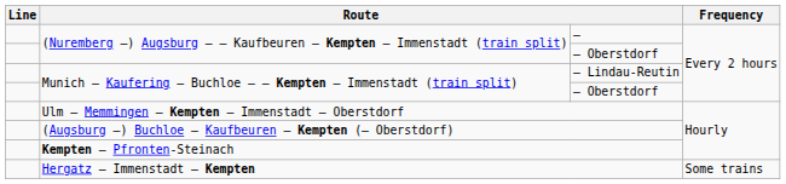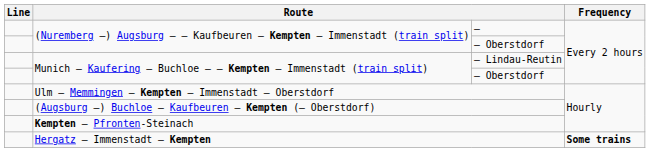 <table class="wikitable">
 <tr>
 <th>Line</th>
 <th colspan=2>Route</th>
 <th>Frequency</th>
 </tr>
 <tr>
 <td align="center"></td>
 <td rowspan=2>(<a href='#'>Nuremberg</a> –) <a href='#'>Augsburg</a> –  – Kaufbeuren – <strong>Kempten</strong> – Immenstadt (<a href='#'>train split</a>)</td>
 <td>– </td>
 <td rowspan="4">Every 2 hours</td>
 </tr>
 <tr>
 <td align="center"></td>
 <td>– Oberstdorf</td>
 </tr>
 <tr>
 <td align="center"></td>
 <td rowspan=2>Munich – <a href='#'>Kaufering</a> – Buchloe –  – <strong>Kempten</strong> – Immenstadt (<a href='#'>train split</a>)</td>
 <td>– Lindau-Reutin</td>
 </tr>
 <tr>
 <td align="center"></td>
 <td>– Oberstdorf</td>
 </tr>
 <tr>
 <td align="center"></td>
 <td colspan=2>Ulm – <a href='#'>Memmingen</a> – <strong>Kempten</strong>  – Immenstadt – Oberstdorf</td>
 <td rowspan="3">Hourly</td>
 </tr>
 <tr>
 <td></td>
 <td colspan="2">(<a href='#'>Augsburg</a> –) <a href='#'>Buchloe</a> – <a href='#'>Kaufbeuren</a> – <strong>Kempten</strong> (– Oberstdorf)</td>
 </tr>
 <tr>
 <td align="center"></td>
 <td colspan="2"><strong>Kempten</strong> – <a href='#'>Pfronten</a>-Steinach</td>
 </tr>
 <tr>
 <td></td>
 <td colspan="2"><a href='#'>Hergatz</a> – Immenstadt – <strong>Kempten</strong></td>
-<td>Some trains</td>
+<td><strong>Some trains</strong></td>
 </tr>
 </table>
